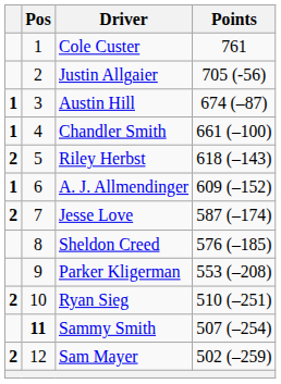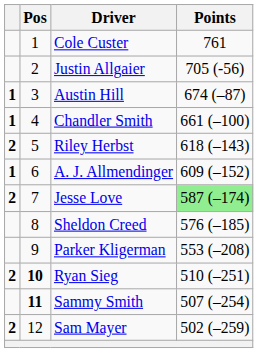 <table class="wikitable" style="font-size: 95%;">
 <tr>
 <th></th>
 <th>Pos</th>
 <th>Driver</th>
 <th>Points</th>
 </tr>
 <tr>
 <td align="left"></td>
 <td style="text-align:center;">1</td>
 <td><a href='#'>Cole Custer</a></td>
 <td style="text-align:center;">761</td>
 </tr>
 <tr>
 <td align="left"></td>
 <td style="text-align:center;">2</td>
 <td><a href='#'>Justin Allgaier</a></td>
 <td style="text-align:center;">705 (-56)</td>
 </tr>
 <tr>
 <td align="left"> <strong>1</strong></td>
 <td style="text-align:center;">3</td>
 <td><a href='#'>Austin Hill</a></td>
 <td style="text-align:center;">674 (–87)</td>
 </tr>
 <tr>
 <td align="left"> <strong>1</strong></td>
 <td style="text-align:center;">4</td>
 <td><a href='#'>Chandler Smith</a></td>
 <td style="text-align:center;">661 (–100)</td>
 </tr>
 <tr>
 <td align="left"> <strong>2</strong></td>
 <td style="text-align:center;">5</td>
 <td><a href='#'>Riley Herbst</a></td>
 <td style="text-align:center;">618 (–143)</td>
 </tr>
 <tr>
 <td align="left"> <strong>1</strong></td>
 <td style="text-align:center;">6</td>
 <td><a href='#'>A. J. Allmendinger</a></td>
 <td style="text-align:center;">609 (–152)</td>
 </tr>
 <tr>
 <td align="left"> <strong>2</strong></td>
 <td style="text-align:center;">7</td>
 <td><a href='#'>Jesse Love</a></td>
-<td style="text-align:center;">587 (–174)</td>
+<td style="background: lightgreen; text-align:center;">587 (–174)</td>
 </tr>
 <tr>
 <td align="left"></td>
 <td style="text-align:center;">8</td>
 <td><a href='#'>Sheldon Creed</a></td>
 <td style="text-align:center;">576 (–185)</td>
 </tr>
 <tr>
 <td align="left"></td>
 <td style="text-align:center;">9</td>
 <td><a href='#'>Parker Kligerman</a></td>
 <td style="text-align:center;">553 (–208)</td>
 </tr>
 <tr>
 <td align="left"> <strong>2</strong></td>
-<td style="text-align:center;">10</td>
+<td style="text-align:center;"><strong>10</strong></td>
 <td><a href='#'>Ryan Sieg</a></td>
 <td style="text-align:center;">510 (–251)</td>
 </tr>
 <tr>
 <td align="left"></td>
 <td style="text-align:center;"><strong>11</strong></td>
 <td><a href='#'>Sammy Smith</a></td>
 <td style="text-align:center;">507 (–254)</td>
 </tr>
 <tr>
 <td align="left"> <strong>2</strong></td>
 <td style="text-align:center;">12</td>
 <td><a href='#'>Sam Mayer</a></td>
 <td style="text-align:center;">502 (–259)</td>
 </tr>
 <tr class="sortbottom">
 <th colspan="9"></th>
 </tr>
 </table>
